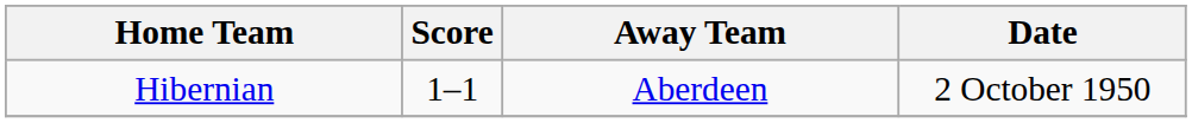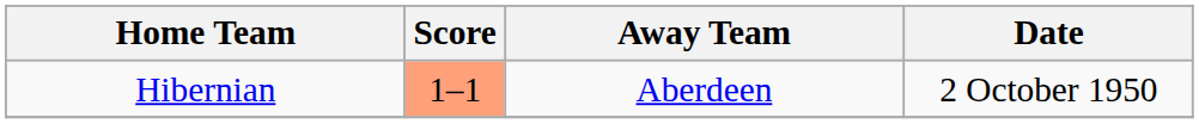 <table class="wikitable" style="text-align:center;">
 <tr>
 <th width=175>Home Team</th>
 <th width=20>Score</th>
 <th width=175>Away Team</th>
 <th width= 125>Date</th>
 </tr>
 <tr>
 <td><a href='#'>Hibernian</a></td>
-<td>1–1</td>
+<td style="background: lightsalmon;">1–1</td>
 <td><a href='#'>Aberdeen</a></td>
 <td>2 October 1950</td>
 </tr>
 <tr>
 </tr>
 </table>
